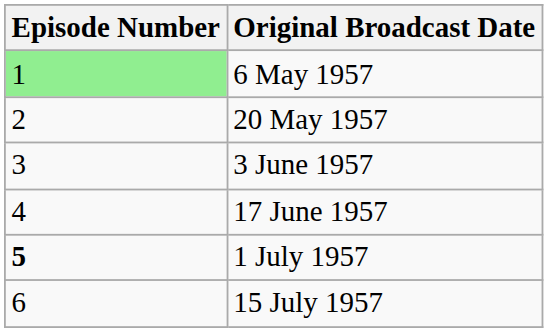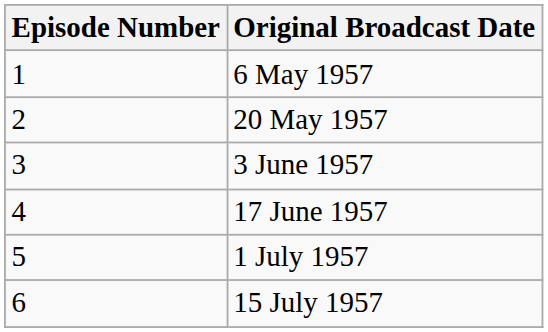 <table class="wikitable">
 <tr>
 <th>Episode Number</th>
 <th>Original Broadcast Date</th>
 </tr>
 <tr>
-<td style="background: lightgreen;">1</td>
+<td>1</td>
 <td>6 May 1957</td>
 </tr>
 <tr>
 <td>2</td>
 <td>20 May 1957</td>
 </tr>
 <tr>
 <td>3</td>
 <td>3 June 1957</td>
 </tr>
 <tr>
 <td>4</td>
 <td>17 June 1957</td>
 </tr>
 <tr>
-<td><strong>5</strong></td>
+<td>5</td>
 <td>1 July 1957</td>
 </tr>
 <tr>
 <td>6</td>
 <td>15 July 1957</td>
 </tr>
 </table>
